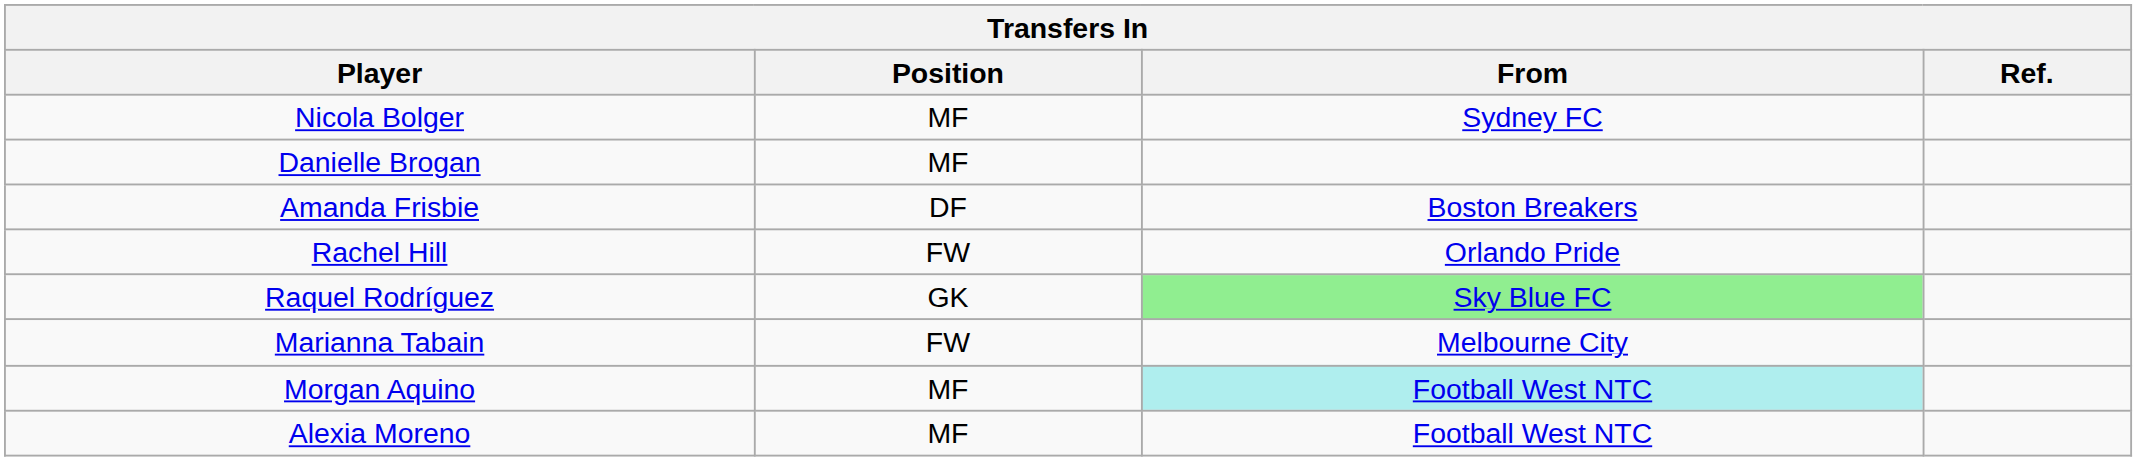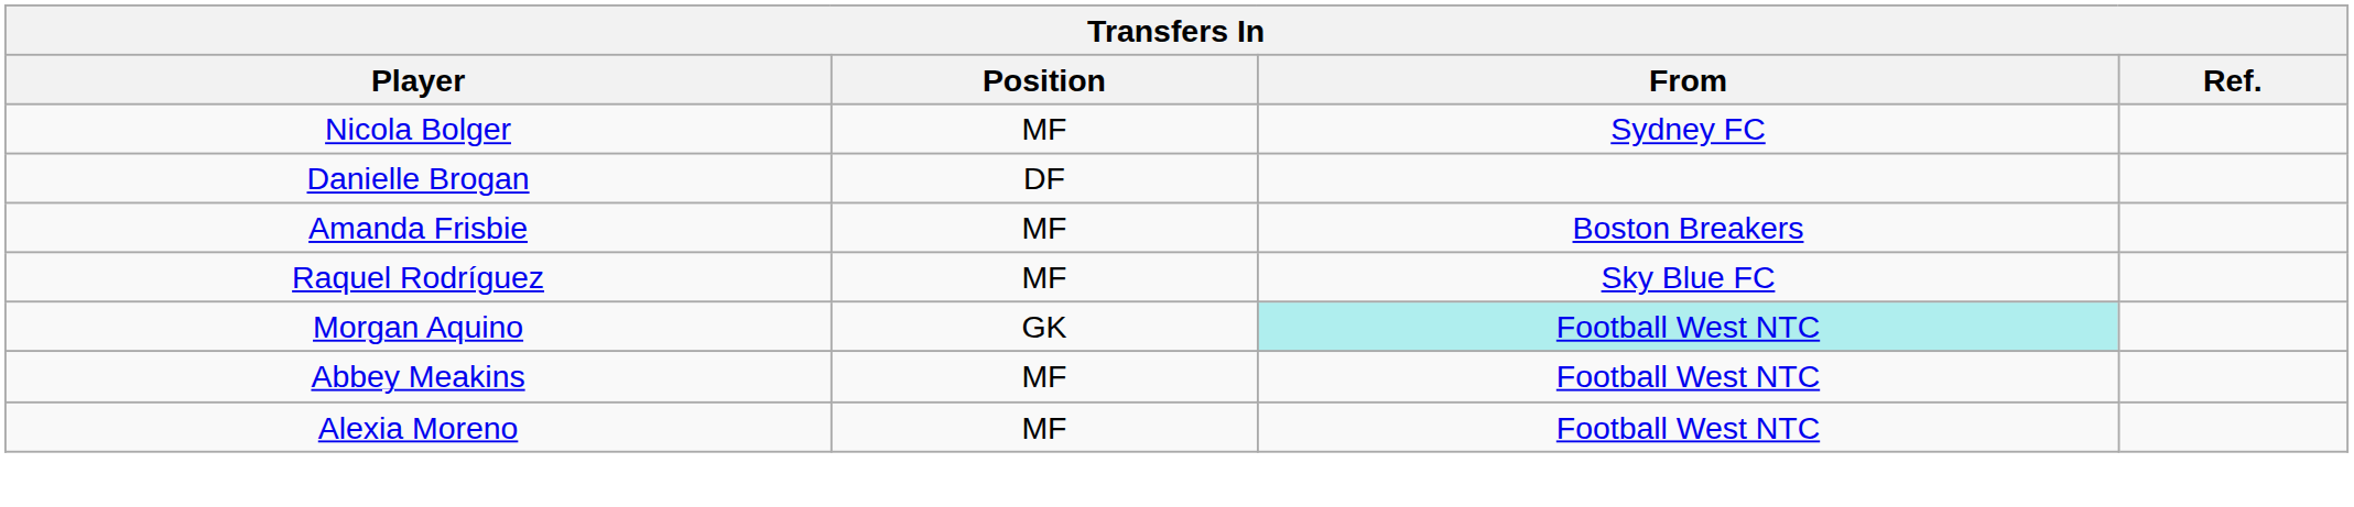 <table class="wikitable sortable collapsible collapsed" style="font-size:95%; text-align: center; width: 90%;">
 <tr>
 <th colspan="4" style="with: 100%;" align=center><strong>Transfers In</strong></th>
 </tr>
 <tr>
 <th>Player</th>
 <th>Position</th>
 <th>From</th>
 <th>Ref.</th>
 </tr>
 <tr>
 <td> <a href='#'>Nicola Bolger</a></td>
 <td>MF</td>
 <td><a href='#'>Sydney FC</a></td>
 <td></td>
 </tr>
 <tr>
 <td> <a href='#'>Danielle Brogan</a></td>
-<td>MF</td>
+<td>DF</td>
 <td></td>
 <td></td>
 </tr>
 <tr>
 <td> <a href='#'>Amanda Frisbie</a></td>
-<td>DF</td>
+<td>MF</td>
 <td>  <a href='#'>Boston Breakers</a></td>
 <td></td>
 </tr>
 <tr>
-<td> <a href='#'>Rachel Hill</a></td>
-<td>FW</td>
-<td>  <a href='#'>Orlando Pride</a></td>
-<td></td>
-</tr>
-<tr>
 <td> <a href='#'>Raquel Rodríguez</a></td>
-<td>GK</td>
-<td style="background: lightgreen;">  <a href='#'>Sky Blue FC</a></td>
-<td></td>
-</tr>
-<tr>
-<td> <a href='#'>Marianna Tabain</a></td>
-<td>FW</td>
-<td><a href='#'>Melbourne City</a></td>
+<td>MF</td>
+<td>  <a href='#'>Sky Blue FC</a></td>
 <td></td>
 </tr>
 <tr>
 <td> <a href='#'>Morgan Aquino</a></td>
+<td>GK</td>
+<td style="background: paleturquoise;"><a href='#'>Football West NTC</a></td>
+<td></td>
+</tr>
+<tr>
+<td> <a href='#'>Abbey Meakins</a></td>
 <td>MF</td>
-<td style="background: paleturquoise;"><a href='#'>Football West NTC</a></td>
+<td><a href='#'>Football West NTC</a></td>
 <td></td>
 </tr>
 <tr>
 <td> <a href='#'>Alexia Moreno</a></td>
 <td>MF</td>
 <td><a href='#'>Football West NTC</a></td>
 <td></td>
 </tr>
 </table>
